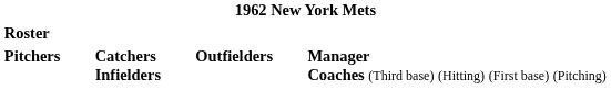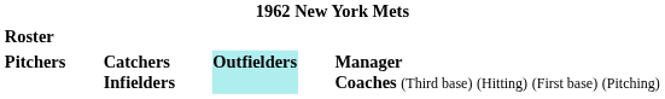 <table class="toccolours" style="font-size: 95%;">
 <tr>
 <th colspan="10">1962 New York Mets</th>
 </tr>
 <tr>
 <td colspan="10"><strong>Roster</strong></td>
 </tr>
 <tr>
 <td valign="top"><strong>Pitchers</strong><br>                </td>
 <td width="25px"></td>
 <td valign="top"><strong>Catchers</strong><br>       <strong>Infielders</strong>             </td>
 <td width="25px"></td>
-<td valign="top"><strong>Outfielders</strong><br>       </td>
+<td valign="top" style="background: paleturquoise;"><strong>Outfielders</strong><br>       </td>
 <td width="25px"></td>
 <td valign="top"><strong>Manager</strong><br> <strong>Coaches</strong>  <small>(Third base)</small>  <small>(Hitting)</small>   <small>(First base)</small>  <small>(Pitching)</small></td>
 </tr>
 </table>
